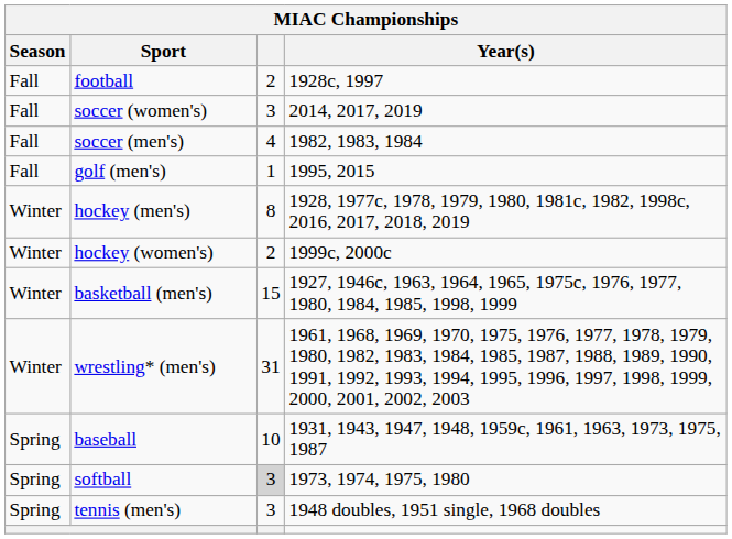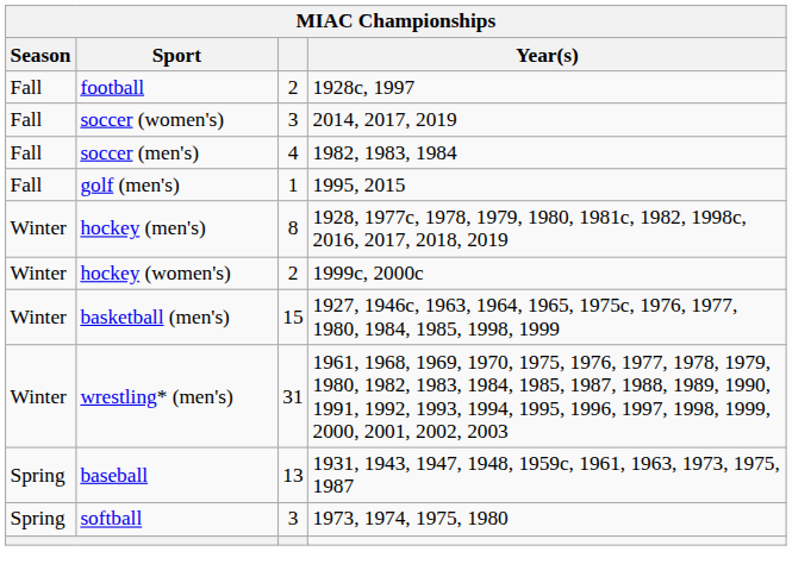 <table class="wikitable">
 <tr>
 <th colspan="4">MIAC Championships</th>
 </tr>
 <tr>
 <th>Season</th>
 <th width=150px>Sport</th>
 <th></th>
 <th>Year(s)</th>
 </tr>
 <tr>
 <td>Fall</td>
 <td><a href='#'>football</a></td>
 <td style="text-align:center;">2</td>
 <td>1928c, 1997</td>
 </tr>
 <tr>
 <td>Fall</td>
 <td><a href='#'>soccer</a> (women's)</td>
 <td style="text-align:center;">3</td>
 <td>2014, 2017, 2019</td>
 </tr>
 <tr>
 <td>Fall</td>
 <td><a href='#'>soccer</a> (men's)</td>
 <td style="text-align:center;">4</td>
 <td>1982, 1983, 1984</td>
 </tr>
 <tr>
 <td>Fall</td>
 <td><a href='#'>golf</a> (men's)</td>
 <td style="text-align:center;">1</td>
 <td>1995, 2015</td>
 </tr>
 <tr>
 <td>Winter</td>
 <td><a href='#'>hockey</a> (men's)</td>
 <td style="text-align:center;">8</td>
 <td>1928, 1977c, 1978, 1979, 1980, 1981c, 1982, 1998c, 2016, 2017, 2018, 2019</td>
 </tr>
 <tr>
 <td>Winter</td>
 <td><a href='#'>hockey</a> (women's)</td>
 <td style="text-align:center;">2</td>
 <td>1999c, 2000c</td>
 </tr>
 <tr>
 <td>Winter</td>
 <td><a href='#'>basketball</a> (men's)</td>
 <td style="text-align:center;">15</td>
 <td>1927, 1946c, 1963, 1964, 1965, 1975c, 1976, 1977, 1980, 1984, 1985, 1998, 1999</td>
 </tr>
 <tr>
 <td>Winter</td>
 <td><a href='#'>wrestling</a>* (men's)</td>
 <td style="text-align:center;">31</td>
 <td>1961, 1968, 1969, 1970, 1975, 1976, 1977, 1978, 1979, 1980, 1982, 1983, 1984, 1985, 1987, 1988, 1989, 1990, 1991, 1992, 1993, 1994, 1995, 1996, 1997, 1998, 1999, 2000, 2001, 2002, 2003</td>
 </tr>
 <tr>
 <td>Spring</td>
 <td><a href='#'>baseball</a></td>
-<td style="text-align:center;">10</td>
+<td style="text-align:center;">13</td>
 <td>1931, 1943, 1947, 1948, 1959c, 1961, 1963, 1973, 1975, 1987</td>
 </tr>
 <tr>
 <td>Spring</td>
 <td><a href='#'>softball</a></td>
-<td style="background: lightgrey; text-align:center;">3</td>
+<td style="text-align:center;">3</td>
 <td>1973, 1974, 1975, 1980</td>
-</tr>
-<tr>
-<td>Spring</td>
-<td><a href='#'>tennis</a> (men's)</td>
-<td style="text-align:center;">3</td>
-<td>1948 doubles, 1951 single, 1968 doubles</td>
 </tr>
 <tr>
 <th colspan="2"></th>
 <th></th>
 </tr>
 </table>
